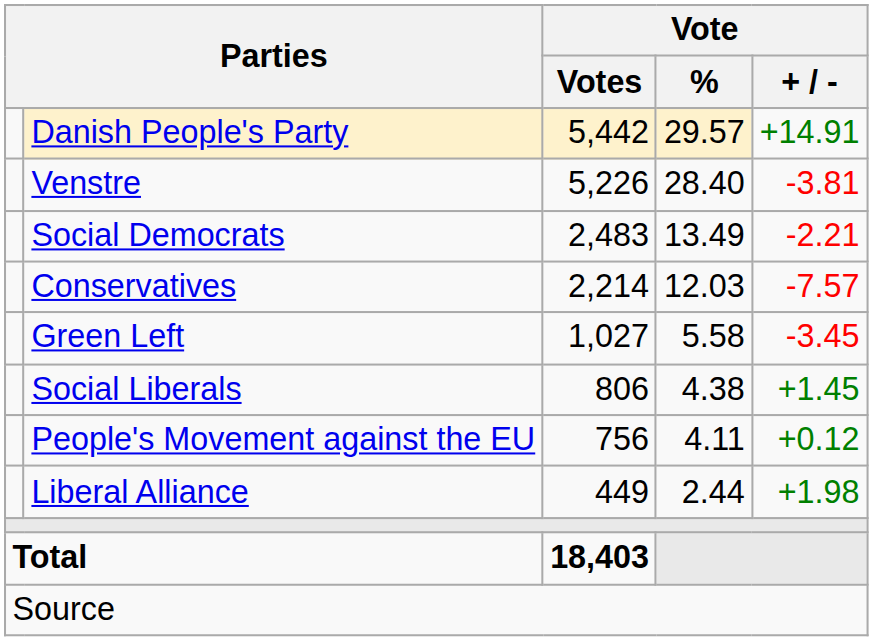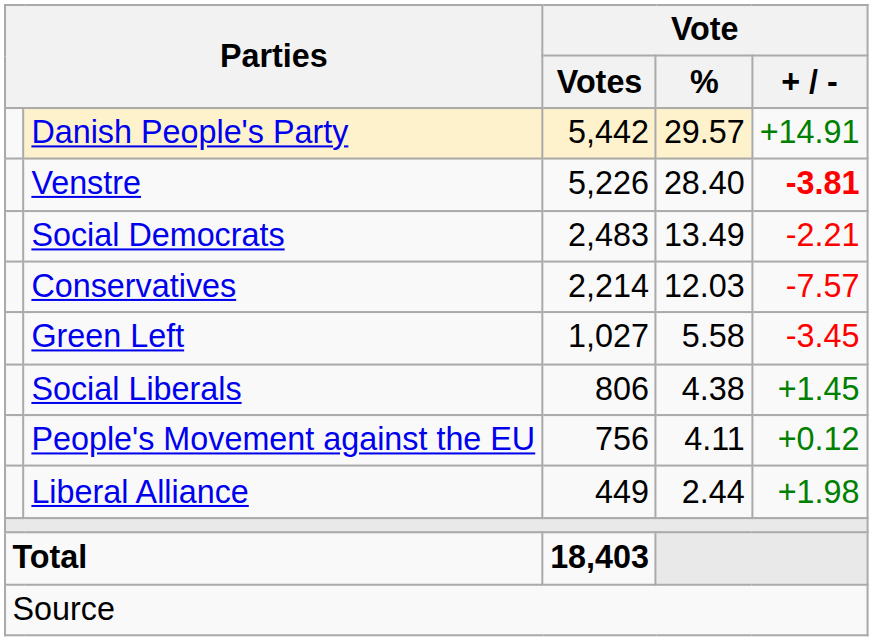 <table class="wikitable" style="text-align:right;">
 <tr>
 <th style="text-align:centre;" rowspan="2" colspan="2" width="225">Parties</th>
 <th colspan="3">Vote</th>
 </tr>
 <tr>
 <th width="15">Votes</th>
 <th width="15">%</th>
 <th width="15">+ / -</th>
 </tr>
 <tr>
 <td width="2" style="color:inherit;background:"></td>
 <td bgcolor=#fef2cc   align="left"><a href='#'>Danish People's Party</a></td>
 <td bgcolor=#fef2cc>5,442</td>
 <td bgcolor=#fef2cc>29.57</td>
 <td style=color:green;>+14.91</td>
 </tr>
 <tr>
 <td width="2" style="color:inherit;background:"></td>
 <td align="left"><a href='#'>Venstre</a></td>
 <td>5,226</td>
 <td>28.40</td>
-<td style=color:red;>-3.81</td>
+<td style=color:red;><strong>-3.81</strong></td>
 </tr>
 <tr>
 <td width="2" style="color:inherit;background:"></td>
 <td align="left"><a href='#'>Social Democrats</a></td>
 <td>2,483</td>
 <td>13.49</td>
 <td style=color:red;>-2.21</td>
 </tr>
 <tr>
 <td width="2" style="color:inherit;background:"></td>
 <td align="left"><a href='#'>Conservatives</a></td>
 <td>2,214</td>
 <td>12.03</td>
 <td style=color:red;>-7.57</td>
 </tr>
 <tr>
 <td width="2" style="color:inherit;background:"></td>
 <td align="left"><a href='#'>Green Left</a></td>
 <td>1,027</td>
 <td>5.58</td>
 <td style=color:red;>-3.45</td>
 </tr>
 <tr>
 <td width="2" style="color:inherit;background:"></td>
 <td align="left"><a href='#'>Social Liberals</a></td>
 <td>806</td>
 <td>4.38</td>
 <td style=color:green;>+1.45</td>
 </tr>
 <tr>
 <td width="2" style="color:inherit;background:"></td>
 <td align="left"><a href='#'>People's Movement against the EU</a></td>
 <td>756</td>
 <td>4.11</td>
 <td style=color:green;>+0.12</td>
 </tr>
 <tr>
 <td width="2" style="color:inherit;background:"></td>
 <td align="left"><a href='#'>Liberal Alliance</a></td>
 <td>449</td>
 <td>2.44</td>
 <td style=color:green;>+1.98</td>
 </tr>
 <tr>
 <td colspan="7" bgcolor="#E9E9E9"></td>
 </tr>
 <tr>
 <td align="left" colspan="2"><strong>Total</strong></td>
 <td><strong>18,403</strong></td>
 <td bgcolor="#E9E9E9" colspan="2"></td>
 </tr>
 <tr>
 <td align="left" colspan="6">Source</td>
 </tr>
 </table>
